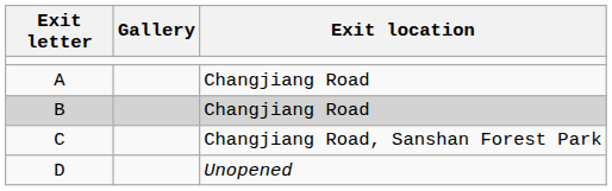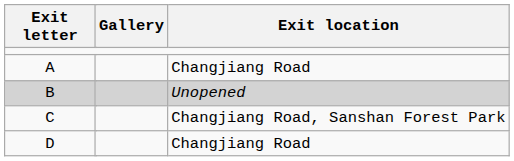 <table class="wikitable">
 <tr>
 <th colspan=2 style="width:70px">Exit letter</th>
 <th>Gallery</th>
 <th>Exit location</th>
 </tr>
 <tr style="background:#">
 <td colspan="4"></td>
 </tr>
 <tr>
 <td colspan=2 align=center>A</td>
 <td></td>
 <td>Changjiang Road</td>
 </tr>
 <tr bgcolor="lightgrey">
 <td colspan=2 align=center>B</td>
 <td></td>
-<td>Changjiang Road</td>
+<td><em>Unopened</em></td>
 </tr>
 <tr>
 <td colspan=2 align=center>C</td>
 <td></td>
 <td>Changjiang Road, Sanshan Forest Park</td>
 </tr>
 <tr>
 <td colspan=2 align=center>D</td>
 <td></td>
-<td><em>Unopened</em></td>
+<td>Changjiang Road</td>
 </tr>
 </table>
